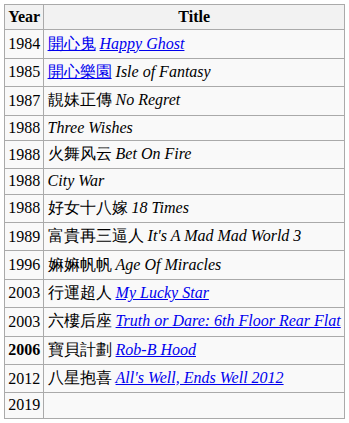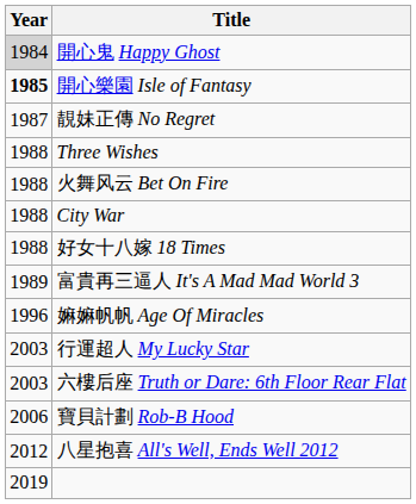 <table class="wikitable">
 <tr>
 <th>Year</th>
 <th>Title</th>
 </tr>
 <tr>
-<td>1984</td>
+<td style="background: lightgrey;">1984</td>
 <td><a href='#'>開心鬼</a> <em><a href='#'>Happy Ghost</a></em></td>
 </tr>
 <tr>
-<td>1985</td>
+<td><strong>1985</strong></td>
 <td><a href='#'>開心樂園</a> <em>Isle of Fantasy</em></td>
 </tr>
 <tr>
 <td>1987</td>
 <td>靚妹正傳 <em>No Regret</em></td>
 </tr>
 <tr>
 <td>1988</td>
 <td> <em>Three Wishes</em></td>
 </tr>
 <tr>
 <td>1988</td>
 <td>火舞风云 <em>Bet On Fire</em></td>
 </tr>
 <tr>
 <td>1988</td>
 <td> <em>City War</em></td>
 </tr>
 <tr>
 <td>1988</td>
 <td>好女十八嫁  <em>18 Times</em></td>
 </tr>
 <tr>
 <td>1989</td>
 <td>富貴再三逼人 <em>It's A Mad Mad World 3</em></td>
 </tr>
 <tr>
 <td>1996</td>
 <td>嫲嫲帆帆 <em>Age Of Miracles</em></td>
 </tr>
 <tr>
 <td>2003</td>
 <td>行運超人 <em><a href='#'>My Lucky Star</a></em></td>
 </tr>
 <tr>
 <td>2003</td>
 <td>六樓后座 <em><a href='#'>Truth or Dare: 6th Floor Rear Flat</a></em></td>
 </tr>
 <tr>
-<td><strong>2006</strong></td>
+<td>2006</td>
 <td>寶貝計劃 <em><a href='#'>Rob-B Hood</a></em></td>
 </tr>
 <tr>
 <td>2012</td>
 <td>八星抱喜 <em><a href='#'>All's Well, Ends Well 2012</a></em></td>
 </tr>
 <tr>
 <td>2019</td>
 <td></td>
 </tr>
 </table>
